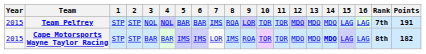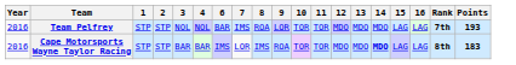 <table class="wikitable" style="text-align:center; font-size:90%">
 <tr>
 <th>Year</th>
 <th>Team</th>
 <th>1</th>
 <th>2</th>
 <th>3</th>
 <th>4</th>
-<th>5</th>
 <th>6</th>
 <th>7</th>
 <th>8</th>
 <th>9</th>
 <th>10</th>
 <th>11</th>
 <th>12</th>
 <th>13</th>
 <th>14</th>
 <th>15</th>
 <th>16</th>
 <th>Rank</th>
 <th>Points</th>
 </tr>
 <tr>
-<td><a href='#'>2015</a></td>
+<td><a href='#'>2016</a></td>
 <th><a href='#'>Team Pelfrey</a></th>
 <td style="background:#CFEAFF;"><a href='#'>STP</a><br></td>
 <td style="background:#CFEAFF;"><a href='#'>STP</a><br></td>
 <td style="background:#CFEAFF;"><a href='#'>NOL</a><br></td>
 <td style="background:#CFCFFF;"><a href='#'>NOL</a><br></td>
-<td style="background:#CFEAFF;"><a href='#'>BAR</a><br></td>
 <td style="background:#CFEAFF;"><a href='#'>BAR</a><br></td>
 <td style="background:#CFEAFF;"><a href='#'>IMS</a><br></td>
 <td style="background:#CFEAFF;"><a href='#'>ROA</a><br></td>
 <td style="background:#CFCFFF;"><a href='#'>LOR</a><br></td>
 <td style="background:#CFEAFF;"><a href='#'>TOR</a><br></td>
 <td style="background:#CFEAFF;"><a href='#'>TOR</a><br></td>
 <td style="background:#CFCFFF;"><a href='#'>MDO</a><br></td>
 <td style="background:#CFEAFF;"><a href='#'>MDO</a><br></td>
 <td style="background:#CFEAFF;"><a href='#'>MDO</a><br></td>
 <td style="background:#CFEAFF;"><a href='#'>LAG</a><br></td>
 <td style="background:#DFFFDF;"><a href='#'>LAG</a><br></td>
 <td style="background:#CFEAFF;"><strong>7th</strong></td>
-<td style="background:#CFEAFF;"><strong>191</strong></td>
+<td style="background:#CFEAFF;"><strong>193</strong></td>
 </tr>
 <tr>
-<td><a href='#'>2015</a></td>
+<td><a href='#'>2016</a></td>
 <th><a href='#'>Cape Motorsports</a> <br> <a href='#'>Wayne Taylor Racing</a></th>
 <td style="background:#CFEAFF;"><a href='#'>STP</a><br></td>
 <td style="background:#CFEAFF;"><a href='#'>STP</a><br></td>
 <td style="background:#CFEAFF;"><a href='#'>BAR</a><br></td>
 <td style="background:#DFFFDF;"><a href='#'>BAR</a><br></td>
-<td style="background:#CFCFFF;"><a href='#'>IMS</a><br></td>
 <td style="background:#CFCFFF;"><a href='#'>IMS</a><br></td>
 <td style="background:"><a href='#'>LOR</a></td>
 <td style="background:#CFEAFF;"><a href='#'>IMS</a><br></td>
 <td style="background:#CFEAFF;"><a href='#'>ROA</a><br></td>
 <td style="background:#EFCFFF;"><a href='#'>TOR</a><br></td>
 <td style="background:#CFEAFF;"><a href='#'>TOR</a><br></td>
 <td style="background:#CFEAFF;"><a href='#'>MDO</a><br></td>
 <td style="background:#CFEAFF;"><a href='#'>MDO</a><br></td>
 <td style="background:#CFEAFF;"><strong><a href='#'>MDO</a><br></strong></td>
 <td style="background:#CFCFFF;"><a href='#'>LAG</a><br></td>
 <td style="background:#CFEAFF;"><a href='#'>LAG</a><br></td>
 <td style="background:#CFEAFF;"><strong>8th</strong></td>
-<td style="background:#CFEAFF;"><strong>182</strong></td>
+<td style="background:#CFEAFF;"><strong>183</strong></td>
 </tr>
 </table>
